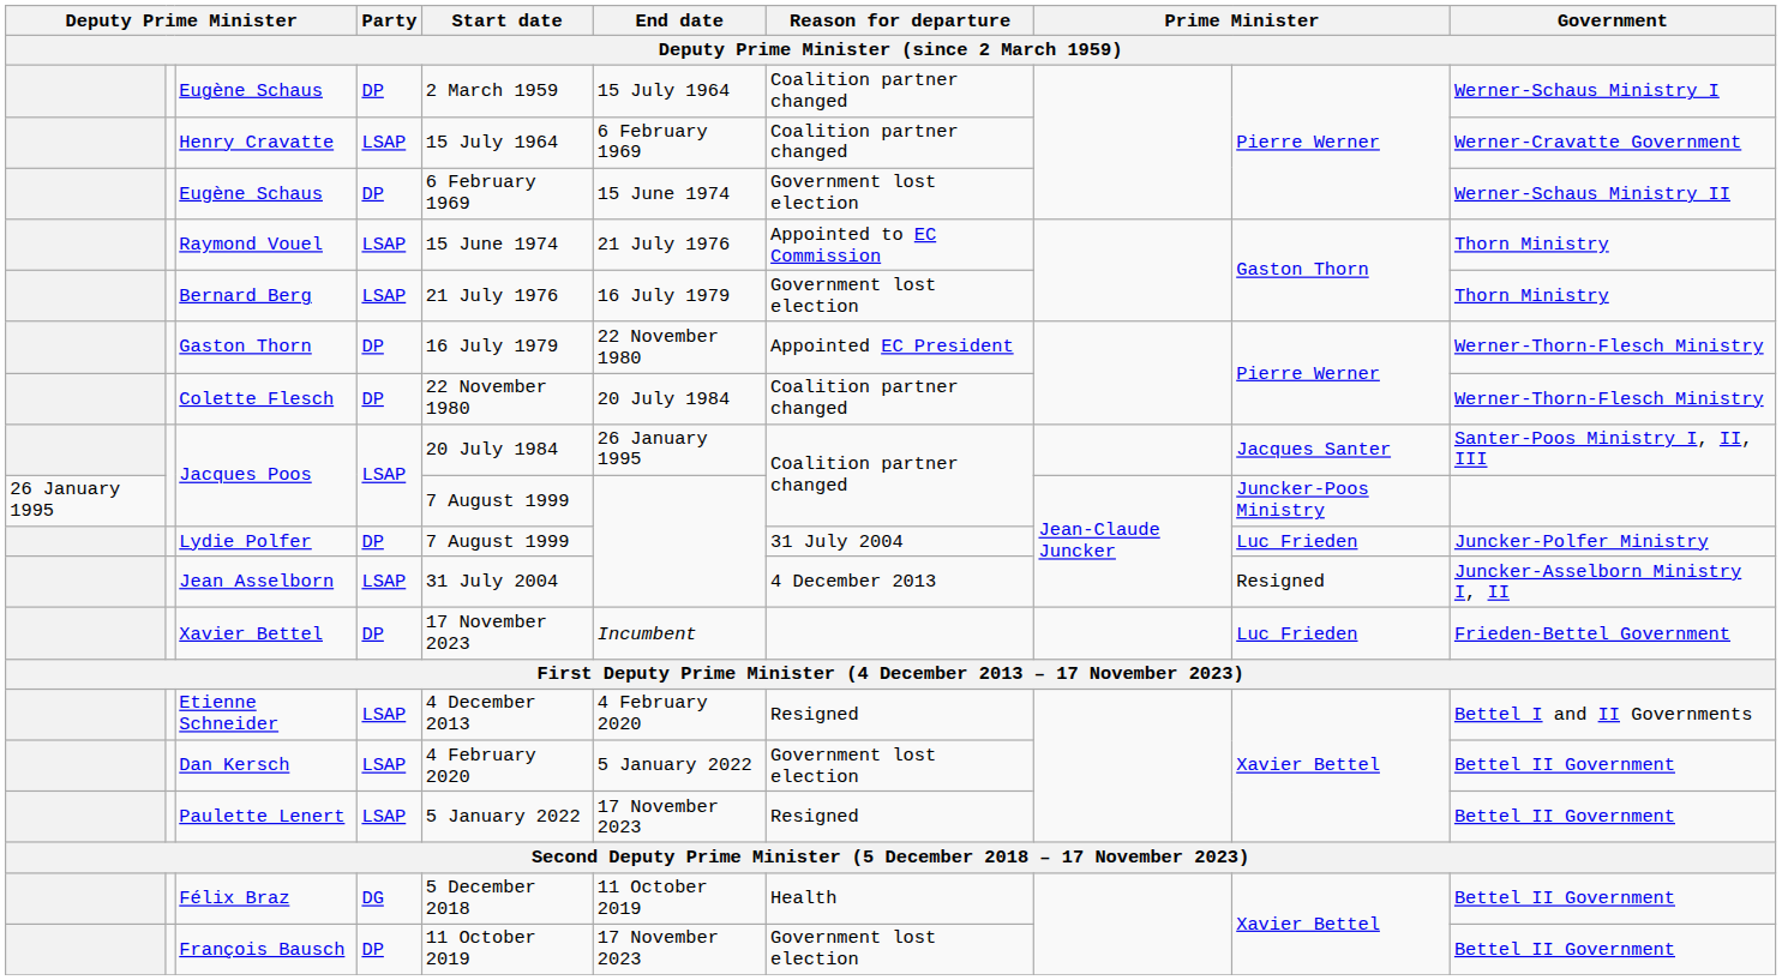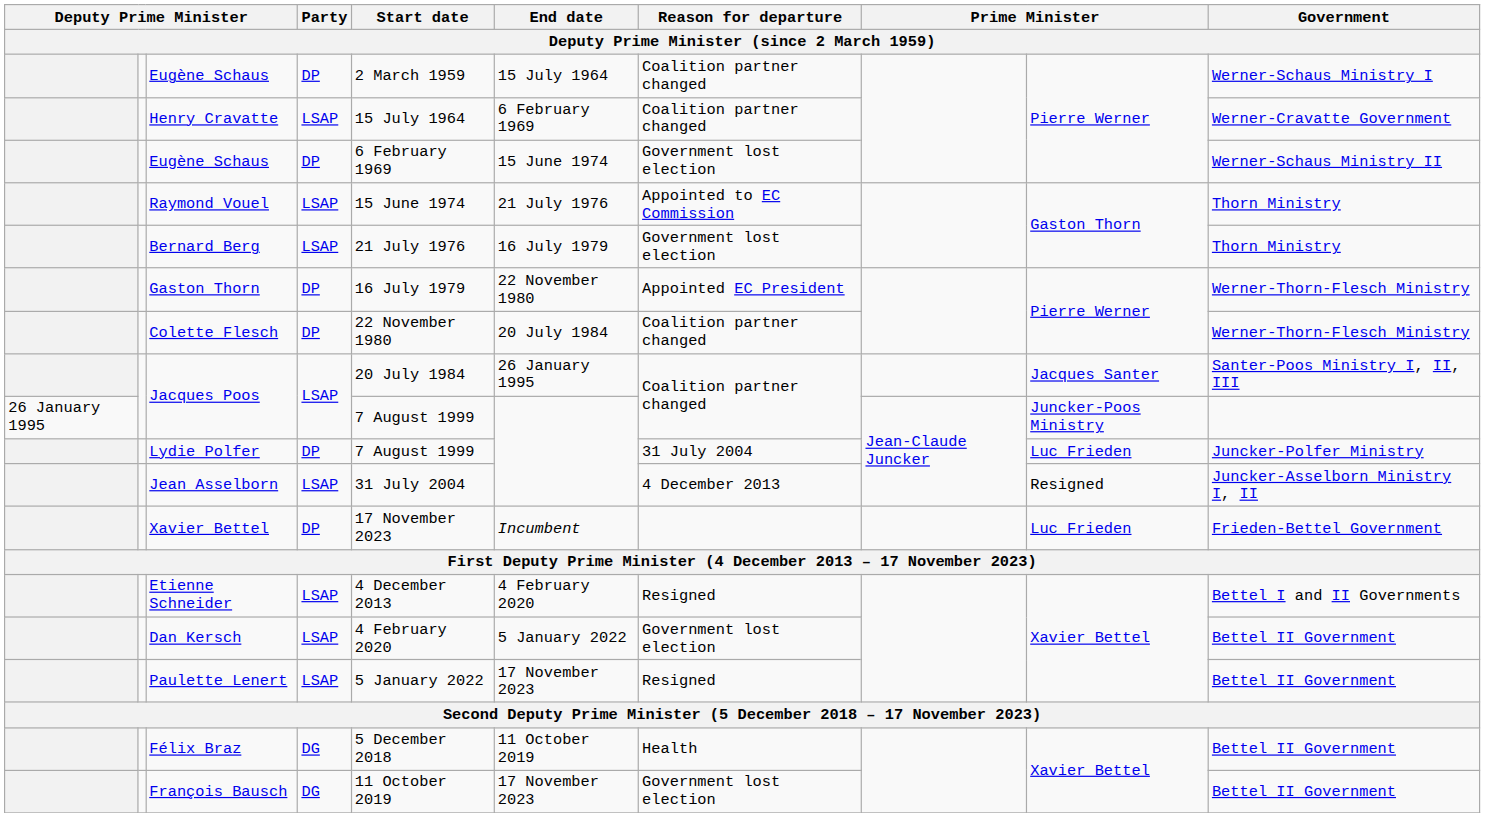 <table class="wikitable">
 <tr>
 <th colspan=3>Deputy Prime Minister</th>
 <th>Party</th>
 <th>Start date</th>
 <th>End date</th>
 <th>Reason for departure</th>
 <th colspan=2>Prime Minister</th>
 <th>Government</th>
 </tr>
 <tr>
 <th align=center colspan=10>Deputy Prime Minister (since 2 March 1959)</th>
 </tr>
 <tr>
 <th style="background-color: "></th>
 <td></td>
 <td><a href='#'>Eugène Schaus</a></td>
 <td><a href='#'>DP</a></td>
 <td>2 March 1959</td>
 <td>15 July 1964</td>
 <td>Coalition partner changed</td>
 <td rowspan=3 style="background-color: "></td>
 <td rowspan=3><a href='#'>Pierre Werner</a></td>
 <td><a href='#'>Werner-Schaus Ministry I</a></td>
 </tr>
 <tr>
 <th style="background-color: "></th>
 <td></td>
 <td><a href='#'>Henry Cravatte</a></td>
 <td><a href='#'>LSAP</a></td>
 <td>15 July 1964</td>
 <td>6 February 1969</td>
 <td>Coalition partner changed</td>
 <td><a href='#'>Werner-Cravatte Government</a></td>
 </tr>
 <tr>
 <th style="background-color: "></th>
 <td></td>
 <td><a href='#'>Eugène Schaus</a></td>
 <td><a href='#'>DP</a></td>
 <td>6 February 1969</td>
 <td>15 June 1974</td>
 <td>Government lost election</td>
 <td><a href='#'>Werner-Schaus Ministry II</a></td>
 </tr>
 <tr>
 <th style="background-color: "></th>
 <td></td>
 <td><a href='#'>Raymond Vouel</a></td>
 <td><a href='#'>LSAP</a></td>
 <td>15 June 1974</td>
 <td>21 July 1976</td>
 <td>Appointed to <a href='#'>EC Commission</a></td>
 <td rowspan=2 style="background-color: "></td>
 <td rowspan=2><a href='#'>Gaston Thorn</a></td>
 <td><a href='#'>Thorn Ministry</a></td>
 </tr>
 <tr>
 <th style="background-color: "></th>
 <td></td>
 <td><a href='#'>Bernard Berg</a></td>
 <td><a href='#'>LSAP</a></td>
 <td>21 July 1976</td>
 <td>16 July 1979</td>
 <td>Government lost election</td>
 <td><a href='#'>Thorn Ministry</a></td>
 </tr>
 <tr>
 <th style="background-color: "></th>
 <td></td>
 <td><a href='#'>Gaston Thorn</a></td>
 <td><a href='#'>DP</a></td>
 <td>16 July 1979</td>
 <td>22 November 1980</td>
 <td>Appointed <a href='#'>EC President</a></td>
 <td rowspan=2 style="background-color: "></td>
 <td rowspan=2><a href='#'>Pierre Werner</a></td>
 <td><a href='#'>Werner-Thorn-Flesch Ministry</a></td>
 </tr>
 <tr>
 <th style="background-color: "></th>
 <td></td>
 <td><a href='#'>Colette Flesch</a></td>
 <td><a href='#'>DP</a></td>
 <td>22 November 1980</td>
 <td>20 July 1984</td>
 <td>Coalition partner changed</td>
 <td><a href='#'>Werner-Thorn-Flesch Ministry</a></td>
 </tr>
 <tr>
 <th style="background-color: "></th>
 <td rowspan=2></td>
 <td rowspan=2><a href='#'>Jacques Poos</a></td>
 <td rowspan=2><a href='#'>LSAP</a></td>
 <td>20 July 1984</td>
 <td>26 January 1995</td>
 <td rowspan=2>Coalition partner changed</td>
 <td style="background-color: "></td>
 <td><a href='#'>Jacques Santer</a></td>
 <td><a href='#'>Santer-Poos Ministry I</a>, <a href='#'>II</a>, <a href='#'>III</a></td>
 </tr>
 <tr>
 <td>26 January 1995</td>
 <td>7 August 1999</td>
 <td rowspan=3 style="background-color: "></td>
 <td rowspan=3><a href='#'>Jean-Claude Juncker</a></td>
 <td><a href='#'>Juncker-Poos Ministry</a></td>
 </tr>
 <tr>
 <th style="background-color: "></th>
 <td></td>
 <td><a href='#'>Lydie Polfer</a></td>
 <td><a href='#'>DP</a></td>
 <td>7 August 1999</td>
 <td>31 July 2004</td>
 <td><a href='#'>Luc Frieden</a></td>
 <td><a href='#'>Juncker-Polfer Ministry</a></td>
 </tr>
 <tr>
 <th style="background-color: "></th>
 <td></td>
 <td><a href='#'>Jean Asselborn</a></td>
 <td><a href='#'>LSAP</a></td>
 <td>31 July 2004</td>
 <td>4 December 2013</td>
 <td>Resigned</td>
 <td><a href='#'>Juncker-Asselborn Ministry I</a>, <a href='#'>II</a></td>
 </tr>
 <tr>
 <th style="background-color: "></th>
 <td><br></td>
 <td><a href='#'>Xavier Bettel</a></td>
 <td><a href='#'>DP</a></td>
 <td>17 November 2023</td>
 <td><em>Incumbent</em></td>
 <td></td>
 <td style="background-color: "></td>
 <td><a href='#'>Luc Frieden</a></td>
 <td><a href='#'>Frieden-Bettel Government</a></td>
 </tr>
 <tr>
 <th align=center colspan=10>First Deputy Prime Minister (4 December 2013 – 17 November 2023)</th>
 </tr>
 <tr>
 <th style="background-color: "></th>
 <td></td>
 <td><a href='#'>Etienne Schneider</a></td>
 <td><a href='#'>LSAP</a></td>
 <td>4 December 2013</td>
 <td>4 February 2020</td>
 <td>Resigned</td>
 <td rowspan=3 style="background-color: "></td>
 <td rowspan=3><a href='#'>Xavier Bettel</a></td>
 <td><a href='#'>Bettel I</a> and <a href='#'>II</a> Governments</td>
 </tr>
 <tr>
 <th style="background-color: "></th>
 <td></td>
 <td><a href='#'>Dan Kersch</a></td>
 <td><a href='#'>LSAP</a></td>
 <td>4 February 2020</td>
 <td>5 January 2022</td>
 <td>Government lost election</td>
 <td><a href='#'>Bettel II Government</a></td>
 </tr>
 <tr>
 <th style="background-color: "></th>
 <td></td>
 <td><a href='#'>Paulette Lenert</a></td>
 <td><a href='#'>LSAP</a></td>
 <td>5 January 2022</td>
 <td>17 November 2023</td>
 <td>Resigned</td>
 <td><a href='#'>Bettel II Government</a></td>
 </tr>
 <tr>
 <th align=center colspan=10>Second Deputy Prime Minister (5 December 2018 – 17 November 2023)</th>
 </tr>
 <tr>
 <th style="background-color: "></th>
 <td></td>
 <td><a href='#'>Félix Braz</a></td>
 <td><a href='#'>DG</a></td>
 <td>5 December 2018</td>
 <td>11 October 2019</td>
 <td>Health</td>
 <td rowspan=2 style="background-color: "></td>
 <td rowspan=2><a href='#'>Xavier Bettel</a></td>
 <td><a href='#'>Bettel II Government</a></td>
 </tr>
 <tr>
 <th style="background-color: "></th>
 <td></td>
 <td><a href='#'>François Bausch</a></td>
-<td><a href='#'>DP</a></td>
+<td><a href='#'>DG</a></td>
 <td>11 October 2019</td>
 <td>17 November 2023</td>
 <td>Government lost election</td>
 <td><a href='#'>Bettel II Government</a></td>
 </tr>
 </table>
